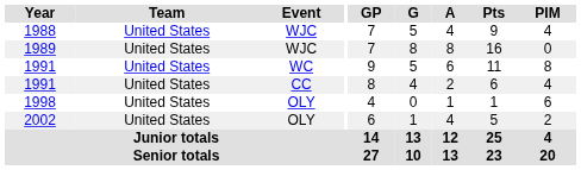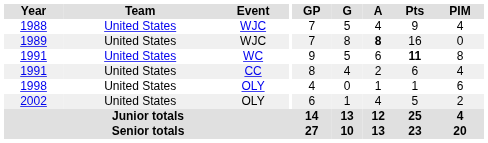 <table border="0" cellpadding="1" cellspacing="0" ID="Table3" style="text-align:center; width:40em">
 <tr bgcolor="#e0e0e0">
 <th>Year</th>
 <th>Team</th>
 <th>Event</th>
 <th rowspan="102" bgcolor="#ffffff"></th>
 <th>GP</th>
 <th>G</th>
 <th>A</th>
 <th>Pts</th>
 <th>PIM</th>
 </tr>
 <tr>
 <td><a href='#'>1988</a></td>
 <td><a href='#'>United States</a></td>
 <td><a href='#'>WJC</a></td>
 <td>7</td>
 <td>5</td>
 <td>4</td>
 <td>9</td>
 <td>4</td>
 </tr>
 <tr bgcolor="#f0f0f0">
 <td><a href='#'>1989</a></td>
 <td>United States</td>
 <td>WJC</td>
 <td>7</td>
 <td>8</td>
-<td>8</td>
+<td><strong>8</strong></td>
 <td>16</td>
 <td>0</td>
 </tr>
 <tr>
 <td><a href='#'>1991</a></td>
 <td><a href='#'>United States</a></td>
 <td><a href='#'>WC</a></td>
 <td>9</td>
 <td>5</td>
 <td>6</td>
-<td>11</td>
+<td><strong>11</strong></td>
 <td>8</td>
 </tr>
 <tr bgcolor="#f0f0f0">
 <td><a href='#'>1991</a></td>
 <td>United States</td>
 <td><a href='#'>CC</a></td>
 <td>8</td>
 <td>4</td>
 <td>2</td>
 <td>6</td>
 <td>4</td>
 </tr>
 <tr>
 <td><a href='#'>1998</a></td>
 <td>United States</td>
 <td><a href='#'>OLY</a></td>
 <td>4</td>
 <td>0</td>
 <td>1</td>
 <td>1</td>
 <td>6</td>
 </tr>
 <tr bgcolor="#f0f0f0">
 <td><a href='#'>2002</a></td>
 <td>United States</td>
 <td>OLY</td>
 <td>6</td>
 <td>1</td>
 <td>4</td>
 <td>5</td>
 <td>2</td>
 </tr>
 <tr bgcolor="#e0e0e0">
 <th colspan="4">Junior totals</th>
 <th>14</th>
 <th>13</th>
 <th>12</th>
 <th>25</th>
 <th>4</th>
 </tr>
 <tr bgcolor="#e0e0e0">
 <th colspan="4">Senior totals</th>
 <th>27</th>
 <th>10</th>
 <th>13</th>
 <th>23</th>
 <th>20</th>
 </tr>
 </table>
